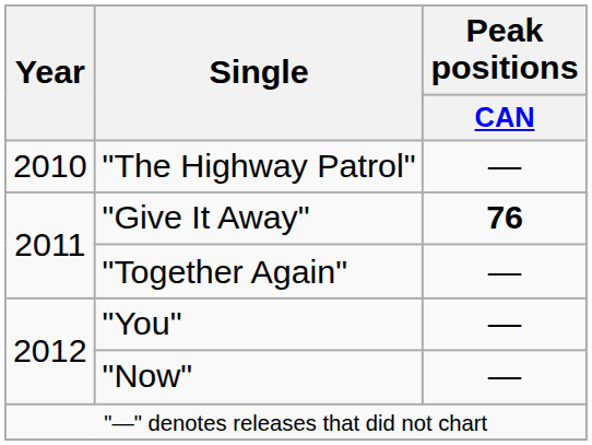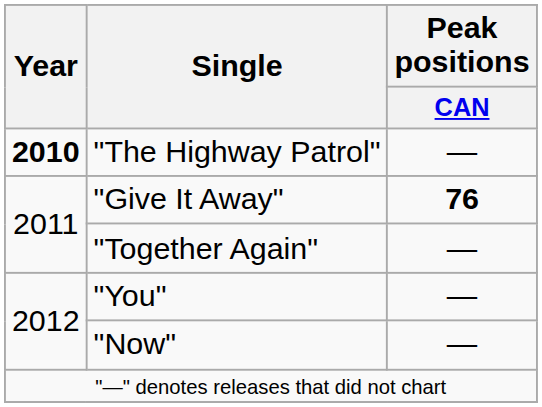 <table class="wikitable" style="text-align:center;">
 <tr>
 <th rowspan="2">Year</th>
 <th rowspan="2">Single</th>
 <th>Peak positions</th>
 </tr>
 <tr style="font-size:smaller;">
 <th width="65"><a href='#'>CAN</a></th>
 </tr>
 <tr>
-<td>2010</td>
+<td><strong>2010</strong></td>
 <td align="left">"The Highway Patrol"</td>
 <td>—</td>
 </tr>
 <tr>
 <td rowspan="2">2011</td>
 <td align="left">"Give It Away"</td>
 <td><strong>76</strong></td>
 </tr>
 <tr>
 <td align="left">"Together Again"</td>
 <td>—</td>
 </tr>
 <tr>
 <td rowspan="2">2012</td>
 <td align="left">"You"</td>
 <td>—</td>
 </tr>
 <tr>
 <td align="left">"Now"</td>
 <td>—</td>
 </tr>
 <tr>
 <td colspan="3" style="font-size:8pt">"—" denotes releases that did not chart</td>
 </tr>
 <tr>
 </tr>
 </table>
